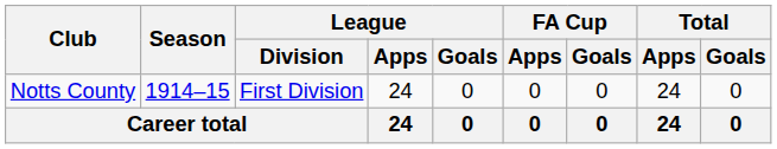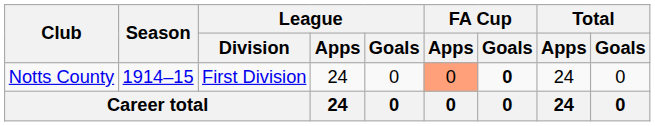 <table class="wikitable" style="text-align: center;">
 <tr>
 <th rowspan="2">Club</th>
 <th rowspan="2">Season</th>
 <th colspan="3">League</th>
 <th colspan="2">FA Cup</th>
 <th colspan="2">Total</th>
 </tr>
 <tr>
 <th>Division</th>
 <th>Apps</th>
 <th>Goals</th>
 <th>Apps</th>
 <th>Goals</th>
 <th>Apps</th>
 <th>Goals</th>
 </tr>
 <tr>
 <td><a href='#'>Notts County</a></td>
 <td><a href='#'>1914–15</a></td>
 <td><a href='#'>First Division</a></td>
 <td>24</td>
 <td>0</td>
-<td>0</td>
-<td>0</td>
+<td style="background: lightsalmon;">0</td>
+<td><strong>0</strong></td>
 <td>24</td>
 <td>0</td>
 </tr>
 <tr>
 <th colspan="3">Career total</th>
 <th>24</th>
 <th>0</th>
 <th>0</th>
 <th>0</th>
 <th>24</th>
 <th>0</th>
 </tr>
 </table>
